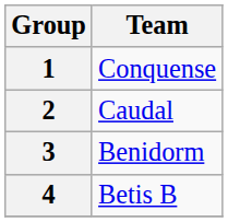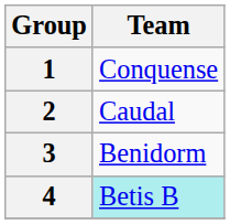 <table class="wikitable">
 <tr>
 <th>Group</th>
 <th>Team</th>
 </tr>
 <tr>
 <th>1</th>
 <td><a href='#'>Conquense</a></td>
 </tr>
 <tr>
 <th>2</th>
 <td><a href='#'>Caudal</a></td>
 </tr>
 <tr>
 <th>3</th>
 <td><a href='#'>Benidorm</a></td>
 </tr>
 <tr>
 <th>4</th>
-<td><a href='#'>Betis B</a></td>
+<td style="background: paleturquoise;"><a href='#'>Betis B</a></td>
 </tr>
 <tr>
 </tr>
 </table>
